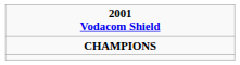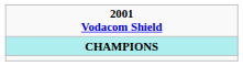 <table class="wikitable" style="text-align: center; margin: 0 auto; width: 20%">
 <tr>
 <td><strong>2001</strong> <br> <strong><a href='#'>Vodacom Shield</a></strong></td>
 </tr>
 <tr>
-<td><strong>CHAMPIONS</strong></td>
+<td style="background: paleturquoise;"><strong>CHAMPIONS</strong></td>
 </tr>
 <tr>
 <td><strong></strong></td>
 </tr>
 </table>
